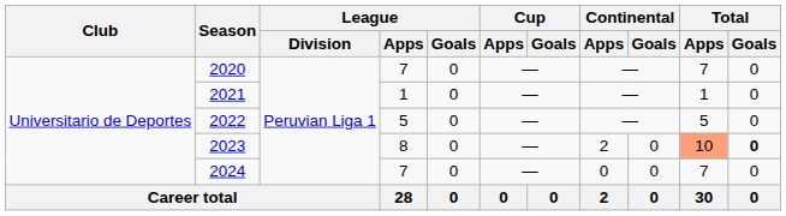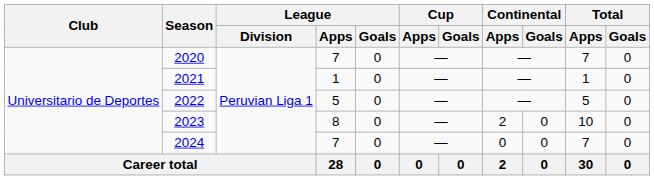 <table class="wikitable" style="text-align:center">
 <tr>
 <th rowspan="2">Club</th>
 <th rowspan="2">Season</th>
 <th colspan="3">League</th>
 <th colspan="2">Cup</th>
 <th colspan="2">Continental</th>
 <th colspan="2">Total</th>
 </tr>
 <tr>
 <th>Division</th>
 <th>Apps</th>
 <th>Goals</th>
 <th>Apps</th>
 <th>Goals</th>
 <th>Apps</th>
 <th>Goals</th>
 <th>Apps</th>
 <th>Goals</th>
 </tr>
 <tr>
 <td rowspan="5"><a href='#'>Universitario de Deportes</a></td>
 <td><a href='#'>2020</a></td>
 <td rowspan="5"><a href='#'>Peruvian Liga 1</a></td>
 <td>7</td>
 <td>0</td>
 <td colspan="2">—</td>
 <td colspan="2">—</td>
 <td>7</td>
 <td>0</td>
 </tr>
 <tr>
 <td><a href='#'>2021</a></td>
 <td>1</td>
 <td>0</td>
 <td colspan="2">—</td>
 <td colspan="2">—</td>
 <td>1</td>
 <td>0</td>
 </tr>
 <tr>
 <td><a href='#'>2022</a></td>
 <td>5</td>
 <td>0</td>
 <td colspan="2">—</td>
 <td colspan="2">—</td>
 <td>5</td>
 <td>0</td>
 </tr>
 <tr>
 <td><a href='#'>2023</a></td>
 <td>8</td>
 <td>0</td>
 <td colspan="2">—</td>
 <td>2</td>
 <td>0</td>
-<td style="background: lightsalmon;">10</td>
-<td><strong>0</strong></td>
+<td>10</td>
+<td>0</td>
 </tr>
 <tr>
 <td><a href='#'>2024</a></td>
 <td>7</td>
 <td>0</td>
 <td colspan="2">—</td>
 <td>0</td>
 <td>0</td>
 <td>7</td>
 <td>0</td>
 </tr>
 <tr>
 <th colspan="3">Career total</th>
 <th>28</th>
 <th>0</th>
 <th>0</th>
 <th>0</th>
 <th>2</th>
 <th>0</th>
 <th>30</th>
 <th>0</th>
 </tr>
 </table>
